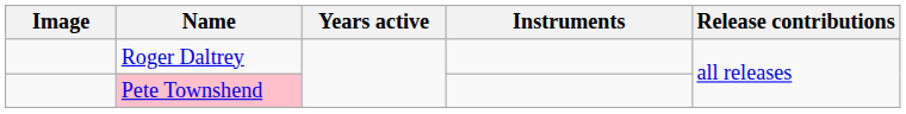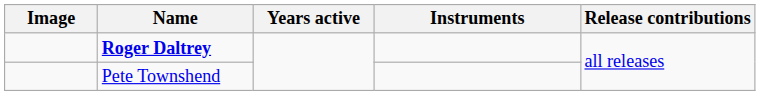 <table class="wikitable">
 <tr>
 <th width="75">Image</th>
 <th width="130">Name</th>
 <th width="100">Years active</th>
 <th width="175">Instruments</th>
 <th>Release contributions</th>
 </tr>
 <tr>
 <td></td>
-<td><a href='#'>Roger Daltrey</a></td>
+<td><strong><a href='#'>Roger Daltrey</a></strong></td>
 <td rowspan="2"></td>
 <td></td>
 <td rowspan="2"><a href='#'>all releases</a></td>
 </tr>
 <tr>
 <td></td>
-<td style="background: pink;"><a href='#'>Pete Townshend</a></td>
+<td><a href='#'>Pete Townshend</a></td>
 <td></td>
 </tr>
 </table>
